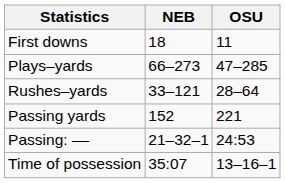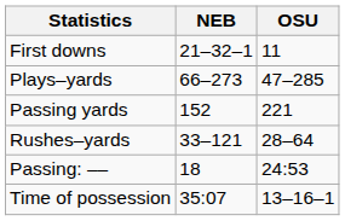 <table class="wikitable" style="float:left">
 <tr>
 <th>Statistics</th>
 <th>NEB</th>
 <th>OSU</th>
 </tr>
 <tr>
 <td>First downs</td>
-<td>18</td>
+<td>21–32–1</td>
 <td>11</td>
 </tr>
 <tr>
 <td>Plays–yards</td>
 <td>66–273</td>
 <td>47–285</td>
 </tr>
 <tr>
+<td>Passing yards</td>
+<td>152</td>
+<td>221</td>
+</tr>
+<tr>
 <td>Rushes–yards</td>
 <td>33–121</td>
 <td>28–64</td>
 </tr>
 <tr>
-<td>Passing yards</td>
-<td>152</td>
-<td>221</td>
-</tr>
-<tr>
 <td>Passing: ––</td>
-<td>21–32–1</td>
+<td>18</td>
 <td>24:53</td>
 </tr>
 <tr>
 <td>Time of possession</td>
 <td>35:07</td>
 <td>13–16–1</td>
 </tr>
 </table>
